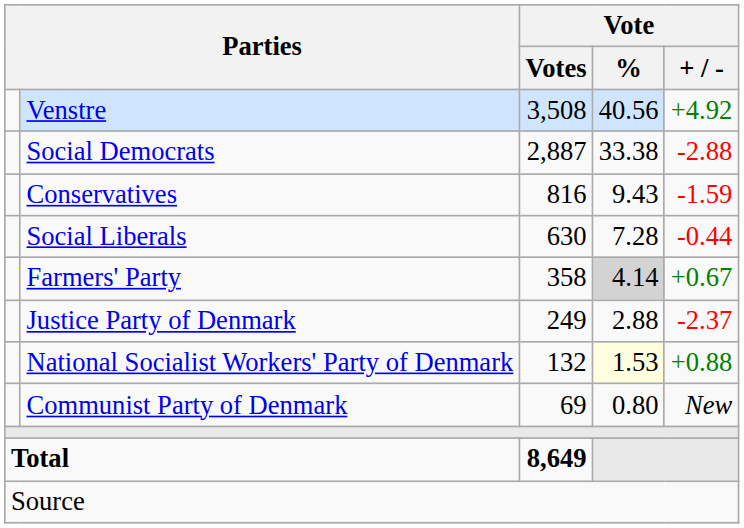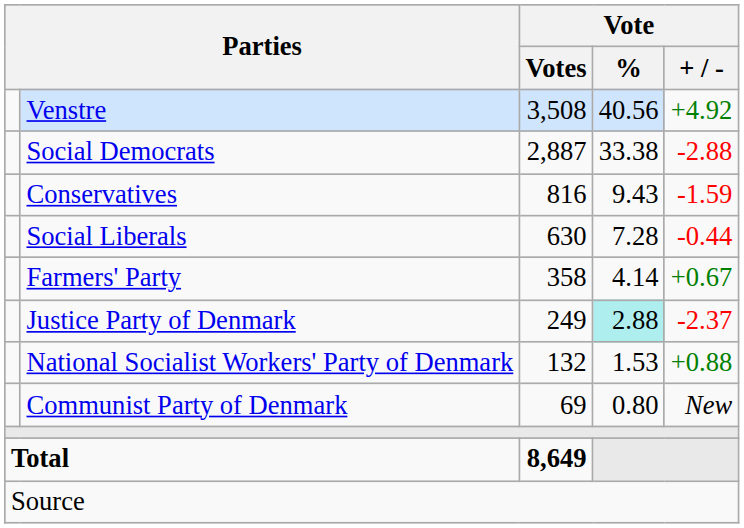 <table class="wikitable" style="text-align:right;">
 <tr>
 <th style="text-align:centre;" rowspan="2" colspan="2" width="225">Parties</th>
 <th colspan="3">Vote</th>
 </tr>
 <tr>
 <th width="15">Votes</th>
 <th width="15">%</th>
 <th width="15">+ / -</th>
 </tr>
 <tr>
 <td width="2" style="color:inherit;background:"></td>
 <td bgcolor=#cfe5fe  align="left"><a href='#'>Venstre</a></td>
 <td bgcolor=#cfe5fe>3,508</td>
 <td bgcolor=#cfe5fe>40.56</td>
 <td style=color:green;>+4.92</td>
 </tr>
 <tr>
 <td width="2" style="color:inherit;background:"></td>
 <td align="left"><a href='#'>Social Democrats</a></td>
 <td>2,887</td>
 <td>33.38</td>
 <td style=color:red;>-2.88</td>
 </tr>
 <tr>
 <td width="2" style="color:inherit;background:"></td>
 <td align="left"><a href='#'>Conservatives</a></td>
 <td>816</td>
 <td>9.43</td>
 <td style=color:red;>-1.59</td>
 </tr>
 <tr>
 <td width="2" style="color:inherit;background:"></td>
 <td align="left"><a href='#'>Social Liberals</a></td>
 <td>630</td>
 <td>7.28</td>
 <td style=color:red;>-0.44</td>
 </tr>
 <tr>
 <td width="2" style="color:inherit;background:"></td>
 <td align="left"><a href='#'>Farmers' Party</a></td>
 <td>358</td>
-<td style="background: lightgrey;">4.14</td>
+<td>4.14</td>
 <td style=color:green;>+0.67</td>
 </tr>
 <tr>
 <td width="2" style="color:inherit;background:"></td>
 <td align="left"><a href='#'>Justice Party of Denmark</a></td>
 <td>249</td>
-<td>2.88</td>
+<td style="background: paleturquoise;">2.88</td>
 <td style=color:red;>-2.37</td>
 </tr>
 <tr>
 <td width="2" style="color:inherit;background:"></td>
 <td align="left"><a href='#'>National Socialist Workers' Party of Denmark</a></td>
 <td>132</td>
-<td style="background: lightyellow;">1.53</td>
+<td>1.53</td>
 <td style=color:green;>+0.88</td>
 </tr>
 <tr>
 <td width="2" style="color:inherit;background:"></td>
 <td align="left"><a href='#'>Communist Party of Denmark</a></td>
 <td>69</td>
 <td>0.80</td>
 <td><em>New</em></td>
 </tr>
 <tr>
 <td colspan="7" bgcolor="#E9E9E9"></td>
 </tr>
 <tr>
 <td align="left" colspan="2"><strong>Total</strong></td>
 <td><strong>8,649</strong></td>
 <td bgcolor="#E9E9E9" colspan="2"></td>
 </tr>
 <tr>
 <td align="left" colspan="6">Source</td>
 </tr>
 </table>
